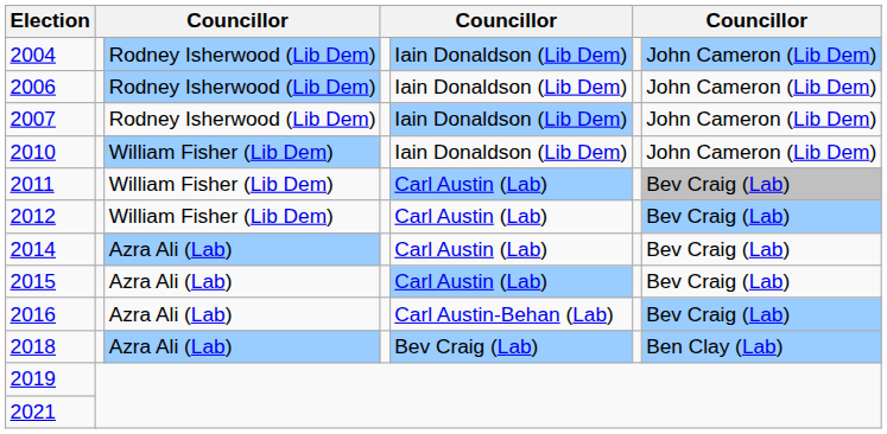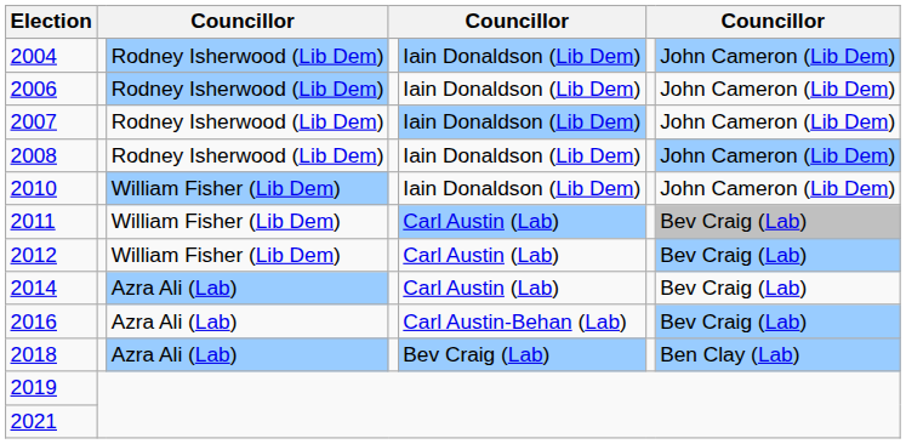 <table class="wikitable">
 <tr>
 <th>Election</th>
 <th colspan="2">Councillor</th>
 <th colspan="2">Councillor</th>
 <th colspan="2">Councillor</th>
 </tr>
 <tr>
 <td><a href='#'>2004</a></td>
 <td style="background-color: "></td>
 <td bgcolor="#99CCFF">Rodney Isherwood (<a href='#'>Lib Dem</a>)</td>
 <td style="background-color: "></td>
 <td bgcolor="#99CCFF">Iain Donaldson (<a href='#'>Lib Dem</a>)</td>
 <td style="background-color: "></td>
 <td bgcolor="#99CCFF">John Cameron (<a href='#'>Lib Dem</a>)</td>
 </tr>
 <tr>
 <td><a href='#'>2006</a></td>
 <td style="background-color: "></td>
 <td bgcolor="#99CCFF">Rodney Isherwood (<a href='#'>Lib Dem</a>)</td>
 <td style="background-color: "></td>
 <td>Iain Donaldson (<a href='#'>Lib Dem</a>)</td>
 <td style="background-color: "></td>
 <td>John Cameron (<a href='#'>Lib Dem</a>)</td>
 </tr>
 <tr>
 <td><a href='#'>2007</a></td>
 <td style="background-color: "></td>
 <td>Rodney Isherwood (<a href='#'>Lib Dem</a>)</td>
 <td style="background-color: "></td>
 <td bgcolor="#99CCFF">Iain Donaldson (<a href='#'>Lib Dem</a>)</td>
 <td style="background-color: "></td>
 <td>John Cameron (<a href='#'>Lib Dem</a>)</td>
+</tr>
+<tr>
+<td><a href='#'>2008</a></td>
+<td style="background-color: "></td>
+<td>Rodney Isherwood (<a href='#'>Lib Dem</a>)</td>
+<td style="background-color: "></td>
+<td>Iain Donaldson (<a href='#'>Lib Dem</a>)</td>
+<td style="background-color: "></td>
+<td bgcolor="#99CCFF">John Cameron (<a href='#'>Lib Dem</a>)</td>
 </tr>
 <tr>
 <td><a href='#'>2010</a></td>
 <td style="background-color: "></td>
 <td bgcolor="#99CCFF">William Fisher (<a href='#'>Lib Dem</a>)</td>
 <td style="background-color: "></td>
 <td>Iain Donaldson (<a href='#'>Lib Dem</a>)</td>
 <td style="background-color: "></td>
 <td>John Cameron (<a href='#'>Lib Dem</a>)</td>
 </tr>
 <tr>
 <td><a href='#'>2011</a></td>
 <td style="background-color: "></td>
 <td>William Fisher (<a href='#'>Lib Dem</a>)</td>
 <td style="background-color: "></td>
 <td bgcolor="#99CCFF"><a href='#'>Carl Austin</a>  (<a href='#'>Lab</a>)</td>
 <td style="background-color: "></td>
 <td bgcolor="#C0C0C0">Bev Craig (<a href='#'>Lab</a>)</td>
 </tr>
 <tr>
 <td><a href='#'>2012</a></td>
 <td style="background-color: "></td>
 <td>William Fisher (<a href='#'>Lib Dem</a>)</td>
 <td style="background-color: "></td>
 <td><a href='#'>Carl Austin</a>  (<a href='#'>Lab</a>)</td>
 <td style="background-color: "></td>
 <td bgcolor="#99CCFF">Bev Craig (<a href='#'>Lab</a>)</td>
 </tr>
 <tr>
 <td><a href='#'>2014</a></td>
 <td style="background-color: "></td>
 <td bgcolor="#99CCFF">Azra Ali (<a href='#'>Lab</a>)</td>
 <td style="background-color: "></td>
 <td><a href='#'>Carl Austin</a>  (<a href='#'>Lab</a>)</td>
 <td style="background-color: "></td>
 <td>Bev Craig (<a href='#'>Lab</a>)</td>
 </tr>
 <tr>
-<td><a href='#'>2015</a></td>
-<td style="background-color: "></td>
-<td>Azra Ali (<a href='#'>Lab</a>)</td>
-<td style="background-color: "></td>
-<td bgcolor="#99CCFF"><a href='#'>Carl Austin</a> (<a href='#'>Lab</a>)</td>
-<td style="background-color: "></td>
-<td>Bev Craig (<a href='#'>Lab</a>)</td>
-</tr>
-<tr>
 <td><a href='#'>2016</a></td>
 <td style="background-color: "></td>
 <td>Azra Ali (<a href='#'>Lab</a>)</td>
 <td style="background-color: "></td>
 <td><a href='#'>Carl Austin-Behan</a> (<a href='#'>Lab</a>)</td>
 <td style="background-color: "></td>
 <td bgcolor="#99CCFF">Bev Craig (<a href='#'>Lab</a>)</td>
 </tr>
 <tr>
 <td><a href='#'>2018</a></td>
 <td style="background-color: "></td>
 <td bgcolor="#99CCFF">Azra Ali (<a href='#'>Lab</a>)</td>
 <td style="background-color: "></td>
 <td bgcolor="#99CCFF">Bev Craig (<a href='#'>Lab</a>)</td>
 <td style="background-color: "></td>
 <td bgcolor="#99CCFF">Ben Clay (<a href='#'>Lab</a>)</td>
 </tr>
 <tr>
 <td><a href='#'>2019</a><br>  </td>
 </tr>
 <tr>
 <td><a href='#'>2021</a><br>  </td>
 </tr>
 </table>
